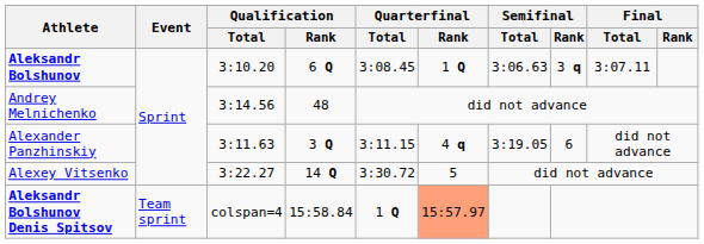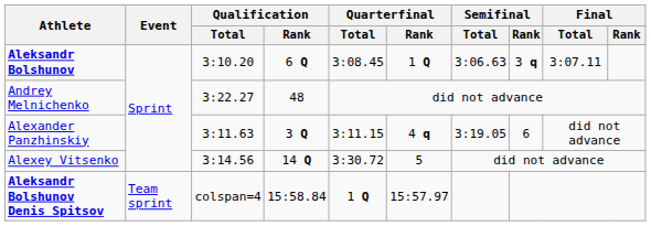 <table class="wikitable"  style="font-size:90%">
 <tr>
 <th rowspan="2">Athlete</th>
 <th rowspan="2">Event</th>
 <th colspan="2">Qualification</th>
 <th colspan="2">Quarterfinal</th>
 <th colspan="2">Semifinal</th>
 <th colspan="2">Final</th>
 </tr>
 <tr style="font-size: 95%">
 <th>Total</th>
 <th>Rank</th>
 <th>Total</th>
 <th>Rank</th>
 <th>Total</th>
 <th>Rank</th>
 <th>Total</th>
 <th>Rank</th>
 </tr>
 <tr align=center>
 <td align=left><strong><a href='#'>Aleksandr Bolshunov</a></strong></td>
 <td align=left rowspan=4><a href='#'>Sprint</a></td>
 <td>3:10.20</td>
 <td>6 <strong>Q</strong></td>
 <td>3:08.45</td>
 <td>1 <strong>Q</strong></td>
 <td>3:06.63</td>
 <td>3 <strong>q</strong></td>
 <td>3:07.11</td>
 <td></td>
 </tr>
 <tr align=center>
 <td align=left><a href='#'>Andrey Melnichenko</a></td>
-<td>3:14.56</td>
+<td>3:22.27</td>
 <td>48</td>
 <td colspan=6>did not advance</td>
 </tr>
 <tr align=center>
 <td align=left><a href='#'>Alexander Panzhinskiy</a></td>
 <td>3:11.63</td>
 <td>3 <strong>Q</strong></td>
 <td>3:11.15</td>
 <td>4 <strong>q</strong></td>
 <td>3:19.05</td>
 <td>6</td>
 <td colspan=2>did not advance</td>
 </tr>
 <tr align=center>
 <td align=left><a href='#'>Alexey Vitsenko</a></td>
-<td>3:22.27</td>
+<td>3:14.56</td>
 <td>14 <strong>Q</strong></td>
 <td>3:30.72</td>
 <td>5</td>
 <td colspan=4>did not advance</td>
 </tr>
 <tr align=center>
 <td align=left><strong><a href='#'>Aleksandr Bolshunov</a><br><a href='#'>Denis Spitsov</a></strong></td>
 <td align=left><a href='#'>Team sprint</a></td>
 <td>colspan=4 </td>
 <td>15:58.84</td>
 <td>1 <strong>Q</strong></td>
-<td style="background: lightsalmon;">15:57.97</td>
+<td>15:57.97</td>
 <td></td>
 </tr>
 </table>
